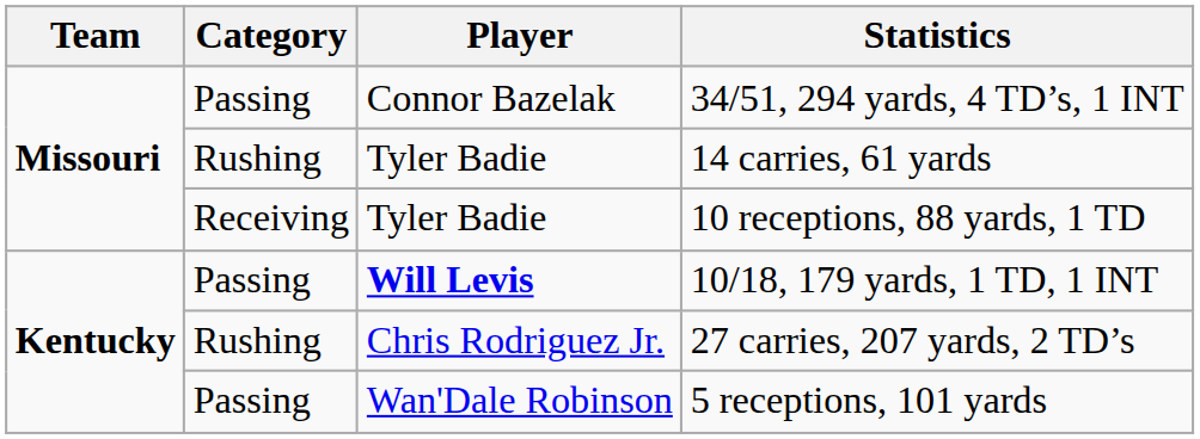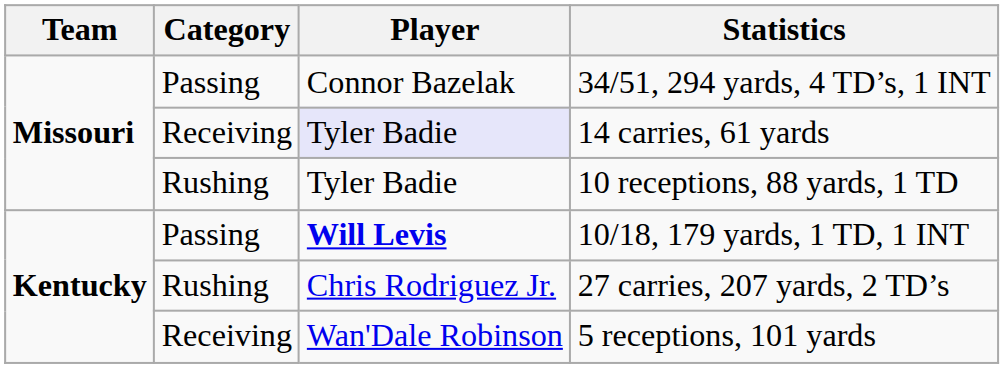 <table class="wikitable" style="float: right;">
 <tr>
 <th>Team</th>
 <th>Category</th>
 <th>Player</th>
 <th>Statistics</th>
 </tr>
 <tr>
 <td rowspan=3><strong>Missouri</strong></td>
 <td>Passing</td>
 <td>Connor Bazelak</td>
 <td>34/51, 294 yards, 4 TD’s, 1 INT</td>
 </tr>
 <tr>
-<td>Rushing</td>
-<td>Tyler Badie</td>
+<td>Receiving</td>
+<td style="background: lavender;">Tyler Badie</td>
 <td>14 carries, 61 yards</td>
 </tr>
 <tr>
-<td>Receiving</td>
+<td>Rushing</td>
 <td>Tyler Badie</td>
 <td>10 receptions, 88 yards, 1 TD</td>
 </tr>
 <tr>
 <td rowspan=3><strong>Kentucky</strong></td>
 <td>Passing</td>
 <td><strong><a href='#'>Will Levis</a></strong></td>
 <td>10/18, 179 yards, 1 TD, 1 INT</td>
 </tr>
 <tr>
 <td>Rushing</td>
 <td><a href='#'>Chris Rodriguez Jr.</a></td>
 <td>27 carries, 207 yards, 2 TD’s</td>
 </tr>
 <tr>
-<td>Passing</td>
+<td>Receiving</td>
 <td><a href='#'>Wan'Dale Robinson</a></td>
 <td>5 receptions, 101 yards</td>
 </tr>
 </table>
